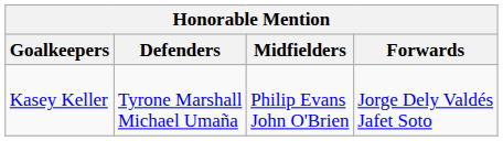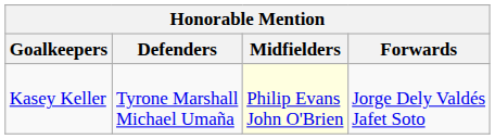 <table class="wikitable" style="margin: 0 auto;">
 <tr>
 <th colspan=4>Honorable Mention</th>
 </tr>
 <tr>
 <th>Goalkeepers</th>
 <th>Defenders</th>
 <th>Midfielders</th>
 <th>Forwards</th>
 </tr>
 <tr>
 <td align=left valign=top><br> <a href='#'>Kasey Keller</a></td>
 <td align=left valign=top><br> <a href='#'>Tyrone Marshall</a> <br>  <a href='#'>Michael Umaña</a></td>
-<td align=left valign=top><br> <a href='#'>Philip Evans</a> <br>  <a href='#'>John O'Brien</a></td>
+<td align=left valign=top style="background: lightyellow;"><br> <a href='#'>Philip Evans</a> <br>  <a href='#'>John O'Brien</a></td>
 <td align=left valign=top><br> <a href='#'>Jorge Dely Valdés</a> <br>  <a href='#'>Jafet Soto</a></td>
 </tr>
 </table>
